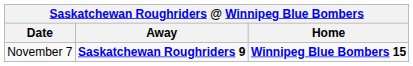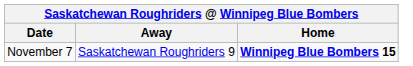 <table class="wikitable">
 <tr>
 <th colspan="3"><a href='#'>Saskatchewan Roughriders</a> @ <a href='#'>Winnipeg Blue Bombers</a></th>
 </tr>
 <tr>
 <th>Date</th>
 <th>Away</th>
 <th>Home</th>
 </tr>
 <tr>
 <td>November 7</td>
-<td><strong><a href='#'>Saskatchewan Roughriders</a> 9</strong></td>
+<td><a href='#'>Saskatchewan Roughriders</a> 9</td>
 <td><strong><a href='#'>Winnipeg Blue Bombers</a> 15</strong></td>
 </tr>
 </table>
